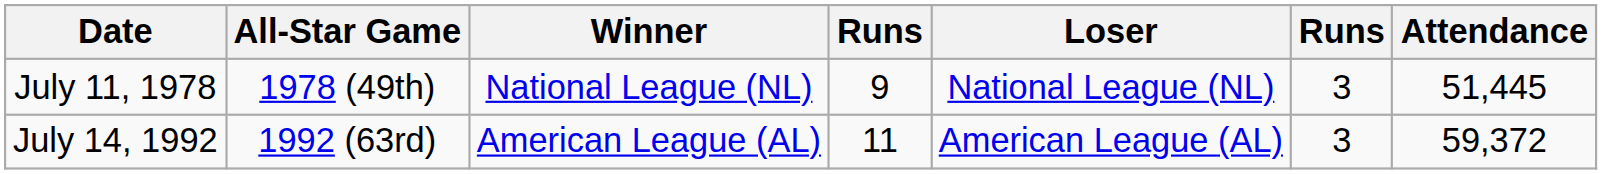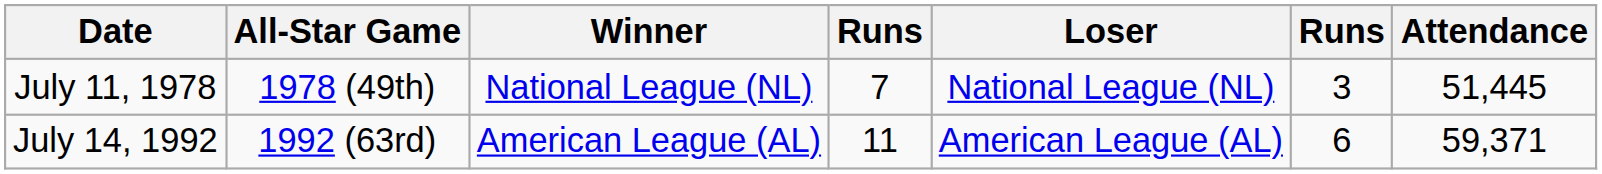 <table class="wikitable" style="text-align:center" >
 <tr style="background-color:#efefef;">
 <th data-sort-type="number">Date</th>
 <th style="text-align:center;">All-Star Game</th>
 <th style="text-align:center;">Winner</th>
 <th style="text-align:center;">Runs</th>
 <th style="text-align:center;">Loser</th>
 <th style="text-align:center;">Runs</th>
 <th style="text-align:center;">Attendance</th>
 </tr>
 <tr>
 <td>July 11, 1978</td>
 <td><a href='#'>1978</a> (49th)</td>
 <td><a href='#'>National League (NL)</a></td>
-<td>9</td>
+<td>7</td>
 <td><a href='#'>National League (NL)</a></td>
 <td>3</td>
 <td>51,445</td>
 </tr>
 <tr>
 <td>July 14, 1992</td>
 <td><a href='#'>1992</a> (63rd)</td>
 <td><a href='#'>American League (AL)</a></td>
 <td>11</td>
 <td><a href='#'>American League (AL)</a></td>
-<td>3</td>
-<td>59,372</td>
+<td>6</td>
+<td>59,371</td>
 </tr>
 </table>
